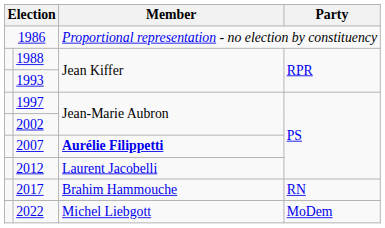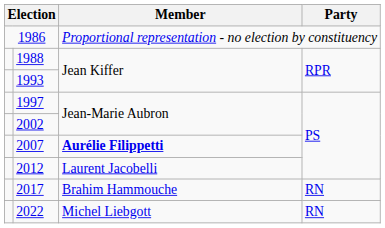 <table class="wikitable">
 <tr>
 <th colspan="2">Election</th>
 <th>Member</th>
 <th>Party</th>
 </tr>
 <tr>
 <td colspan="2" align="center"><a href='#'>1986</a></td>
 <td colspan="2"><em><a href='#'>Proportional representation</a> - no election by constituency</em></td>
 </tr>
 <tr>
 <td style="color:inherit;background-color: "></td>
 <td><a href='#'>1988</a></td>
 <td rowspan="2">Jean Kiffer</td>
 <td rowspan="2"><a href='#'>RPR</a></td>
 </tr>
 <tr>
 <td style="color:inherit;background-color: "></td>
 <td><a href='#'>1993</a></td>
 </tr>
 <tr>
 <td style="color:inherit;background-color: "></td>
 <td><a href='#'>1997</a></td>
 <td rowspan="2">Jean-Marie Aubron</td>
 <td rowspan="4"><a href='#'>PS</a></td>
 </tr>
 <tr>
 <td style="color:inherit;background-color: "></td>
 <td><a href='#'>2002</a></td>
 </tr>
 <tr>
 <td style="color:inherit;background-color: "></td>
 <td><a href='#'>2007</a></td>
 <td><strong><a href='#'>Aurélie Filippetti</a></strong></td>
 </tr>
 <tr>
 <td style="color:inherit;background-color: "></td>
 <td><a href='#'>2012</a></td>
 <td><a href='#'>Laurent Jacobelli</a></td>
 </tr>
 <tr>
 <td style="color:inherit;background-color: "></td>
 <td><a href='#'>2017</a></td>
 <td><a href='#'>Brahim Hammouche</a></td>
 <td><a href='#'>RN</a></td>
 </tr>
 <tr>
 <td style="color:inherit;background-color: "></td>
 <td><a href='#'>2022</a></td>
 <td><a href='#'>Michel Liebgott</a></td>
-<td><a href='#'>MoDem</a></td>
+<td><a href='#'>RN</a></td>
 </tr>
 </table>
